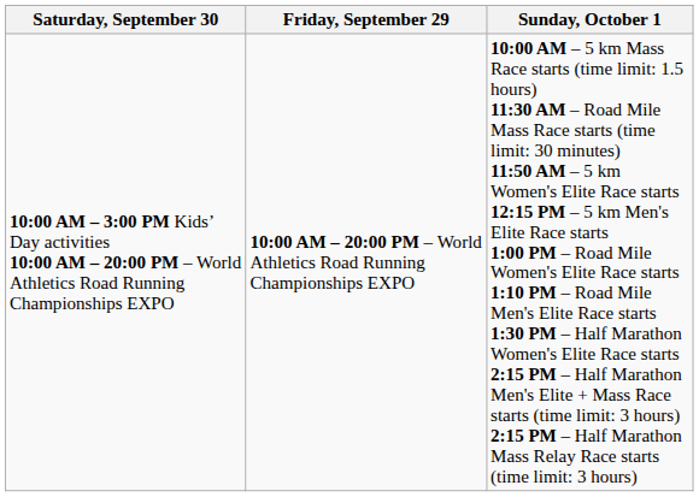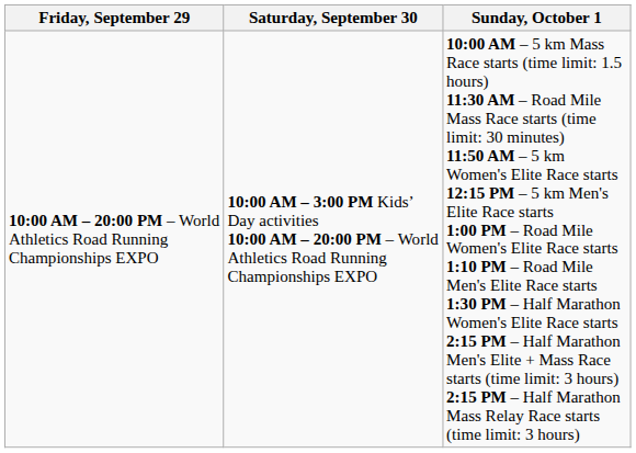 <table class="wikitable">
 <tr>
+<th><strong>Friday, September 29</strong></th>
 <th><strong>Saturday, September 30</strong></th>
-<th><strong>Friday, September 29</strong></th>
 <th><strong>Sunday, October 1</strong></th>
 </tr>
 <tr>
+<td><strong>10:00 AM – 20:00 PM</strong> – World Athletics Road Running Championships EXPO</td>
 <td><strong>10:00 AM – 3:00 PM</strong> Kids’ Day activities<br><strong>10:00 AM – 20:00 PM</strong> – World Athletics Road Running Championships EXPO</td>
-<td><strong>10:00 AM – 20:00 PM</strong> – World Athletics Road Running Championships EXPO</td>
 <td><strong>10:00 AM</strong> – 5 km Mass Race starts (time limit: 1.5 hours)<br><strong>11:30 AM</strong> – Road Mile Mass Race starts (time limit: 30 minutes)<br><strong>11:50 AM</strong> – 5 km Women's Elite Race starts<br><strong>12:15 PM</strong> – 5 km Men's Elite Race starts<br><strong>1:00 PM</strong> – Road Mile Women's Elite Race starts<br><strong>1:10 PM</strong> – Road Mile Men's Elite Race starts<br><strong>1:30 PM</strong> – Half Marathon Women's Elite Race starts<br><strong>2:15 PM</strong> – Half Marathon Men's Elite + Mass Race starts (time limit: 3 hours)<br><strong>2:15 PM</strong> – Half Marathon Mass Relay Race starts (time limit: 3 hours)</td>
 </tr>
 </table>
